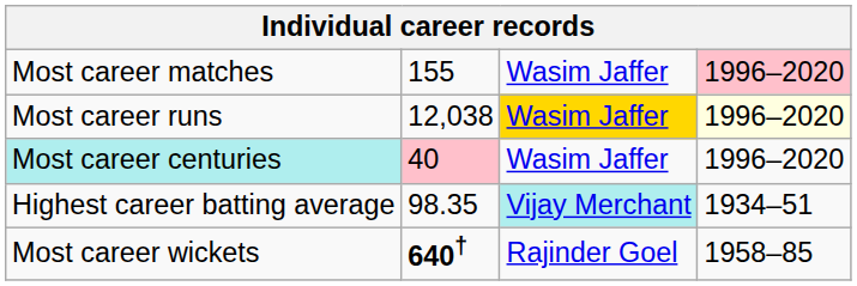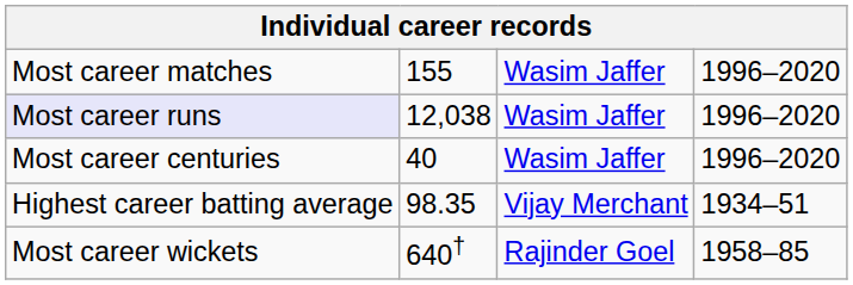 <table class="wikitable">
 <tr>
 <th colspan="5">Individual career records</th>
 </tr>
 <tr>
 <td>Most career matches</td>
 <td>155</td>
 <td><a href='#'>Wasim Jaffer</a></td>
-<td style="background: pink;">1996–2020</td>
+<td>1996–2020</td>
 </tr>
 <tr>
-<td>Most career runs</td>
+<td style="background: lavender;">Most career runs</td>
 <td>12,038</td>
-<td style="background: gold;"><a href='#'>Wasim Jaffer</a></td>
-<td style="background: lightyellow;">1996–2020</td>
+<td><a href='#'>Wasim Jaffer</a></td>
+<td>1996–2020</td>
 </tr>
 <tr>
-<td style="background: paleturquoise;">Most career centuries</td>
-<td style="background: pink;">40</td>
+<td>Most career centuries</td>
+<td>40</td>
 <td><a href='#'>Wasim Jaffer</a></td>
 <td>1996–2020</td>
 </tr>
 <tr>
 <td>Highest career batting average</td>
 <td>98.35</td>
-<td style="background: paleturquoise;"><a href='#'>Vijay Merchant</a></td>
+<td><a href='#'>Vijay Merchant</a></td>
 <td>1934–51</td>
 </tr>
 <tr>
 <td>Most career wickets</td>
-<td><strong>640<sup>†</sup></strong></td>
+<td>640<sup>†</sup></td>
 <td><a href='#'>Rajinder Goel</a></td>
 <td>1958–85</td>
 </tr>
 </table>
